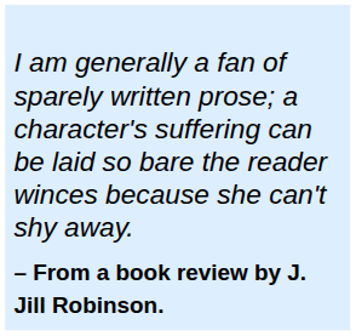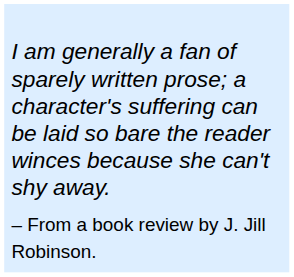 <table class="toccolours" style="float: left; margin-left: 1em; margin-right: 1em; font-size: 110%; background:#ddeeff; color:black; width:23em; max-width: 25%;" cellspacing="5">
 <tr>
 <td style="text-align: left;"><br><em>I am generally a fan of sparely written prose; a character's suffering can be laid so bare the reader winces because she can't shy away.</em></td>
 </tr>
 <tr>
-<td style="text-align: left;"><strong><small> –  From a book review by J. Jill Robinson.</small></strong></td>
+<td style="text-align: left;"><small> –  From a book review by J. Jill Robinson.</small></td>
 </tr>
 </table>
